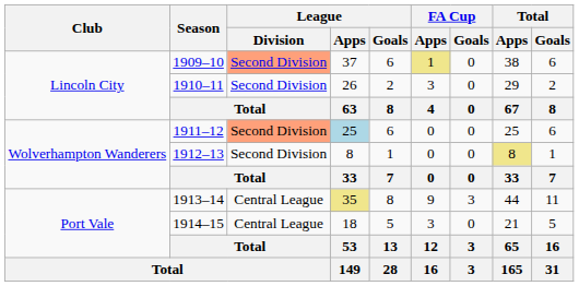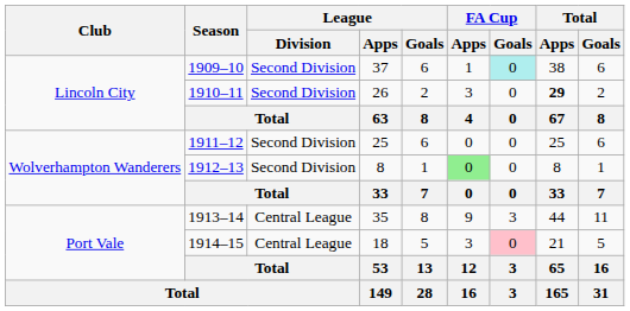 <table class="wikitable" style="text-align:center">
 <tr>
 <th rowspan="2">Club</th>
 <th rowspan="2">Season</th>
 <th colspan="3">League</th>
 <th colspan="2"><a href='#'>FA Cup</a></th>
 <th colspan="2">Total</th>
 </tr>
 <tr>
 <th>Division</th>
 <th>Apps</th>
 <th>Goals</th>
 <th>Apps</th>
 <th>Goals</th>
 <th>Apps</th>
 <th>Goals</th>
 </tr>
 <tr>
 <td rowspan="3"><a href='#'>Lincoln City</a></td>
 <td><a href='#'>1909–10</a></td>
-<td style="background: lightsalmon;"><a href='#'>Second Division</a></td>
+<td><a href='#'>Second Division</a></td>
 <td>37</td>
 <td>6</td>
-<td style="background: khaki;">1</td>
-<td>0</td>
+<td>1</td>
+<td style="background: paleturquoise;">0</td>
 <td>38</td>
 <td>6</td>
 </tr>
 <tr>
 <td><a href='#'>1910–11</a></td>
 <td><a href='#'>Second Division</a></td>
 <td>26</td>
 <td>2</td>
 <td>3</td>
 <td>0</td>
-<td>29</td>
+<td><strong>29</strong></td>
 <td>2</td>
 </tr>
 <tr>
 <th colspan="2">Total</th>
 <th>63</th>
 <th>8</th>
 <th>4</th>
 <th>0</th>
 <th>67</th>
 <th>8</th>
 </tr>
 <tr>
 <td rowspan="3"><a href='#'>Wolverhampton Wanderers</a></td>
 <td><a href='#'>1911–12</a></td>
-<td style="background: lightsalmon;">Second Division</td>
-<td style="background: lightblue;">25</td>
+<td>Second Division</td>
+<td>25</td>
 <td>6</td>
 <td>0</td>
 <td>0</td>
 <td>25</td>
 <td>6</td>
 </tr>
 <tr>
 <td><a href='#'>1912–13</a></td>
 <td>Second Division</td>
 <td>8</td>
 <td>1</td>
+<td style="background: lightgreen;">0</td>
 <td>0</td>
-<td>0</td>
-<td style="background: khaki;">8</td>
+<td>8</td>
 <td>1</td>
 </tr>
 <tr>
 <th colspan="2">Total</th>
 <th>33</th>
 <th>7</th>
 <th>0</th>
 <th>0</th>
 <th>33</th>
 <th>7</th>
 </tr>
 <tr>
 <td rowspan="3"><a href='#'>Port Vale</a></td>
 <td>1913–14</td>
 <td>Central League</td>
-<td style="background: khaki;">35</td>
+<td>35</td>
 <td>8</td>
 <td>9</td>
 <td>3</td>
 <td>44</td>
 <td>11</td>
 </tr>
 <tr>
 <td>1914–15</td>
 <td>Central League</td>
 <td>18</td>
 <td>5</td>
 <td>3</td>
-<td>0</td>
+<td style="background: pink;">0</td>
 <td>21</td>
 <td>5</td>
 </tr>
 <tr>
 <th colspan="2">Total</th>
 <th>53</th>
 <th>13</th>
 <th>12</th>
 <th>3</th>
 <th>65</th>
 <th>16</th>
 </tr>
 <tr>
 <th colspan="3">Total</th>
 <th>149</th>
 <th>28</th>
 <th>16</th>
 <th>3</th>
 <th>165</th>
 <th>31</th>
 </tr>
 </table>
